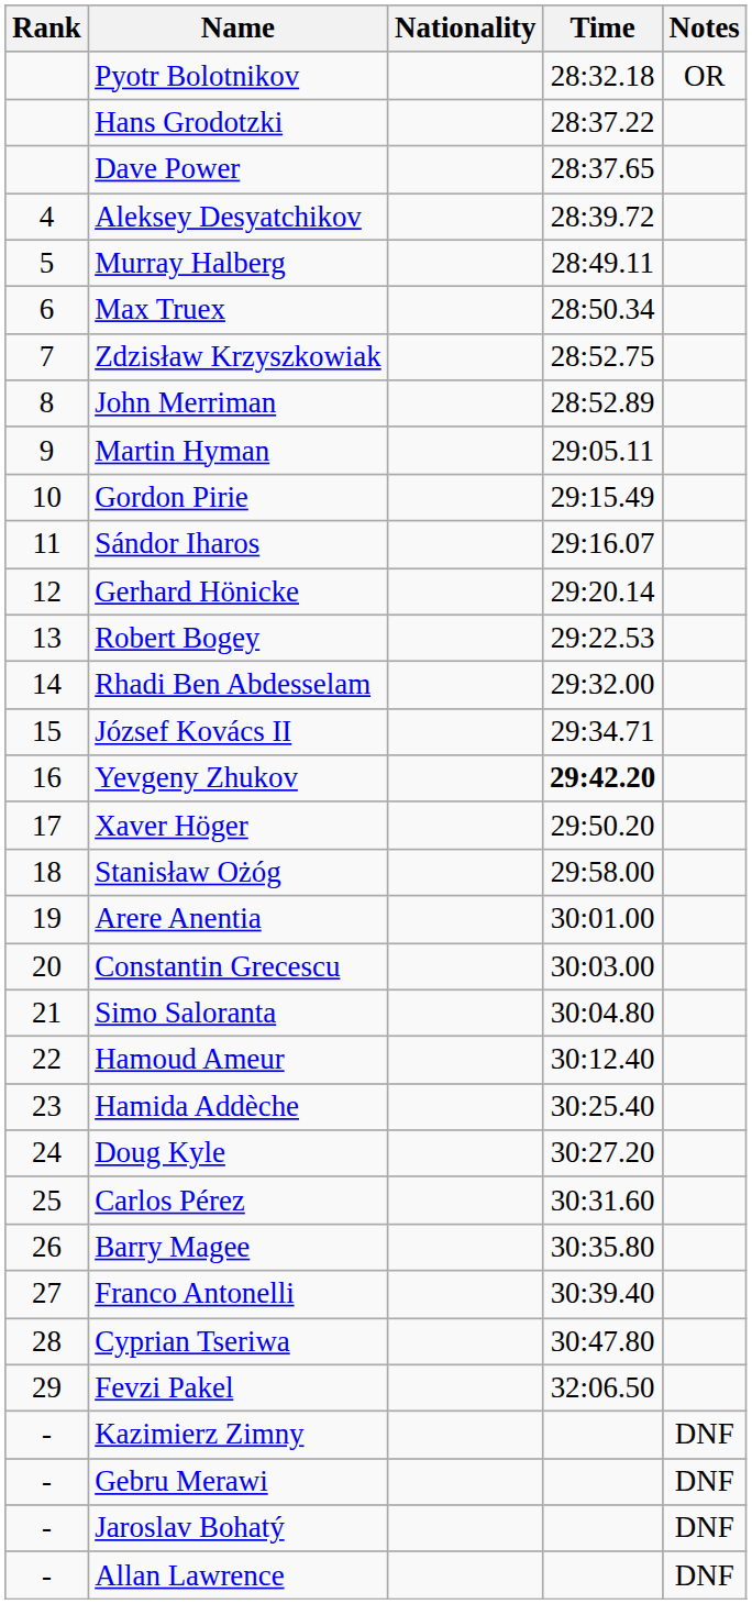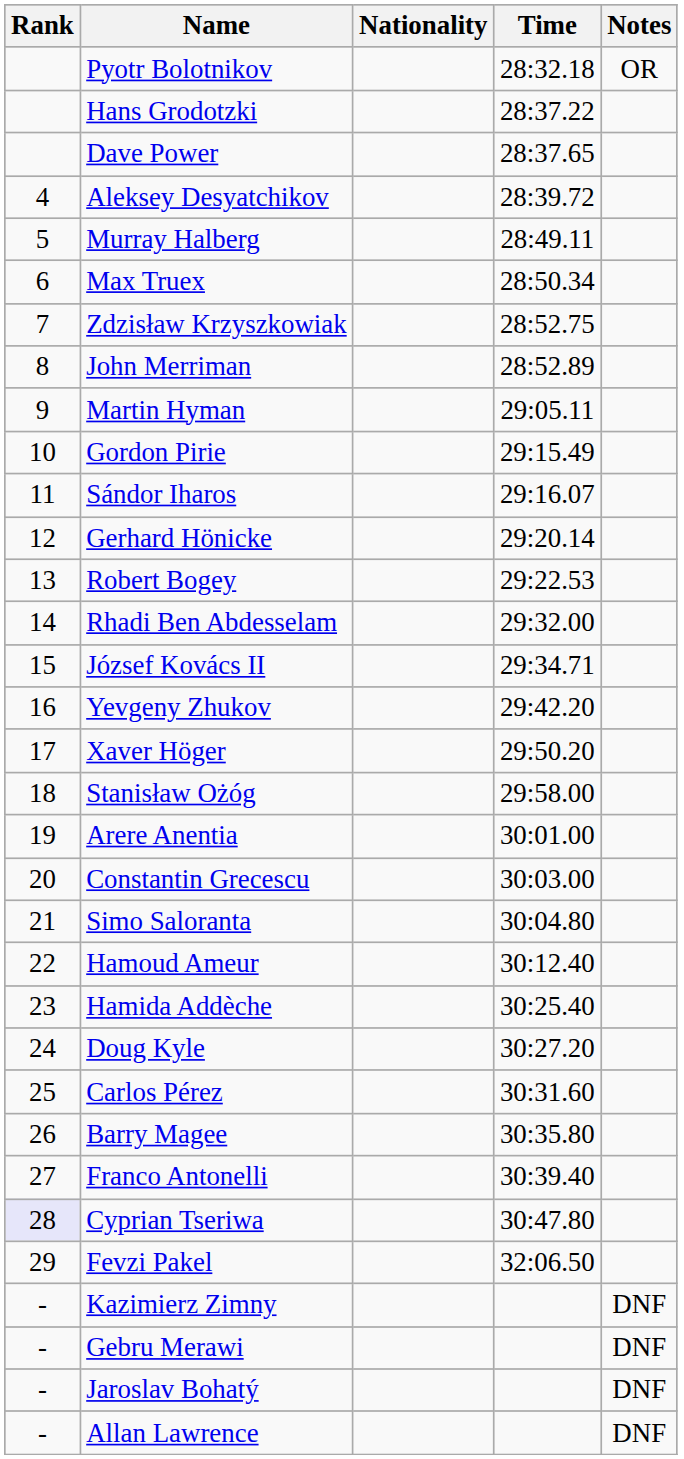 <table class="wikitable sortable" style="text-align:center">
 <tr>
 <th>Rank</th>
 <th>Name</th>
 <th>Nationality</th>
 <th>Time</th>
 <th>Notes</th>
 </tr>
 <tr>
 <td></td>
 <td align=left><a href='#'>Pyotr Bolotnikov</a></td>
 <td align=left></td>
 <td>28:32.18</td>
 <td>OR</td>
 </tr>
 <tr>
 <td></td>
 <td align=left><a href='#'>Hans Grodotzki</a></td>
 <td align=left></td>
 <td>28:37.22</td>
 <td></td>
 </tr>
 <tr>
 <td></td>
 <td align=left><a href='#'>Dave Power</a></td>
 <td align=left></td>
 <td>28:37.65</td>
 <td></td>
 </tr>
 <tr>
 <td>4</td>
 <td align=left><a href='#'>Aleksey Desyatchikov</a></td>
 <td align=left></td>
 <td>28:39.72</td>
 <td></td>
 </tr>
 <tr>
 <td>5</td>
 <td align=left><a href='#'>Murray Halberg</a></td>
 <td align=left></td>
 <td>28:49.11</td>
 <td></td>
 </tr>
 <tr>
 <td>6</td>
 <td align=left><a href='#'>Max Truex</a></td>
 <td align=left></td>
 <td>28:50.34</td>
 <td></td>
 </tr>
 <tr>
 <td>7</td>
 <td align=left><a href='#'>Zdzisław Krzyszkowiak</a></td>
 <td align=left></td>
 <td>28:52.75</td>
 <td></td>
 </tr>
 <tr>
 <td>8</td>
 <td align=left><a href='#'>John Merriman</a></td>
 <td align=left></td>
 <td>28:52.89</td>
 <td></td>
 </tr>
 <tr>
 <td>9</td>
 <td align=left><a href='#'>Martin Hyman</a></td>
 <td align=left></td>
 <td>29:05.11</td>
 <td></td>
 </tr>
 <tr>
 <td>10</td>
 <td align=left><a href='#'>Gordon Pirie</a></td>
 <td align=left></td>
 <td>29:15.49</td>
 <td></td>
 </tr>
 <tr>
 <td>11</td>
 <td align=left><a href='#'>Sándor Iharos</a></td>
 <td align=left></td>
 <td>29:16.07</td>
 <td></td>
 </tr>
 <tr>
 <td>12</td>
 <td align=left><a href='#'>Gerhard Hönicke</a></td>
 <td align=left></td>
 <td>29:20.14</td>
 <td></td>
 </tr>
 <tr>
 <td>13</td>
 <td align=left><a href='#'>Robert Bogey</a></td>
 <td align=left></td>
 <td>29:22.53</td>
 <td></td>
 </tr>
 <tr>
 <td>14</td>
 <td align=left><a href='#'>Rhadi Ben Abdesselam</a></td>
 <td align=left></td>
 <td>29:32.00</td>
 <td></td>
 </tr>
 <tr>
 <td>15</td>
 <td align=left><a href='#'>József Kovács II</a></td>
 <td align=left></td>
 <td>29:34.71</td>
 <td></td>
 </tr>
 <tr>
 <td>16</td>
 <td align=left><a href='#'>Yevgeny Zhukov</a></td>
 <td align=left></td>
-<td><strong>29:42.20</strong></td>
+<td>29:42.20</td>
 <td></td>
 </tr>
 <tr>
 <td>17</td>
 <td align=left><a href='#'>Xaver Höger</a></td>
 <td align=left></td>
 <td>29:50.20</td>
 <td></td>
 </tr>
 <tr>
 <td>18</td>
 <td align=left><a href='#'>Stanisław Ożóg</a></td>
 <td align=left></td>
 <td>29:58.00</td>
 <td></td>
 </tr>
 <tr>
 <td>19</td>
 <td align=left><a href='#'>Arere Anentia</a></td>
 <td align=left></td>
 <td>30:01.00</td>
 <td></td>
 </tr>
 <tr>
 <td>20</td>
 <td align=left><a href='#'>Constantin Grecescu</a></td>
 <td align=left></td>
 <td>30:03.00</td>
 <td></td>
 </tr>
 <tr>
 <td>21</td>
 <td align=left><a href='#'>Simo Saloranta</a></td>
 <td align=left></td>
 <td>30:04.80</td>
 <td></td>
 </tr>
 <tr>
 <td>22</td>
 <td align=left><a href='#'>Hamoud Ameur</a></td>
 <td align=left></td>
 <td>30:12.40</td>
 <td></td>
 </tr>
 <tr>
 <td>23</td>
 <td align=left><a href='#'>Hamida Addèche</a></td>
 <td align=left></td>
 <td>30:25.40</td>
 <td></td>
 </tr>
 <tr>
 <td>24</td>
 <td align=left><a href='#'>Doug Kyle</a></td>
 <td align=left></td>
 <td>30:27.20</td>
 <td></td>
 </tr>
 <tr>
 <td>25</td>
 <td align=left><a href='#'>Carlos Pérez</a></td>
 <td align=left></td>
 <td>30:31.60</td>
 <td></td>
 </tr>
 <tr>
 <td>26</td>
 <td align=left><a href='#'>Barry Magee</a></td>
 <td align=left></td>
 <td>30:35.80</td>
 <td></td>
 </tr>
 <tr>
 <td>27</td>
 <td align=left><a href='#'>Franco Antonelli</a></td>
 <td align=left></td>
 <td>30:39.40</td>
 <td></td>
 </tr>
 <tr>
-<td>28</td>
+<td style="background: lavender;">28</td>
 <td align=left><a href='#'>Cyprian Tseriwa</a></td>
 <td align=left></td>
 <td>30:47.80</td>
 <td></td>
 </tr>
 <tr>
 <td>29</td>
 <td align=left><a href='#'>Fevzi Pakel</a></td>
 <td align=left></td>
 <td>32:06.50</td>
 <td></td>
 </tr>
 <tr>
 <td>-</td>
 <td align=left><a href='#'>Kazimierz Zimny</a></td>
 <td align=left></td>
 <td></td>
 <td>DNF</td>
 </tr>
 <tr>
 <td>-</td>
 <td align=left><a href='#'>Gebru Merawi</a></td>
 <td align="left"></td>
 <td></td>
 <td>DNF</td>
 </tr>
 <tr>
 <td>-</td>
 <td align=left><a href='#'>Jaroslav Bohatý</a></td>
 <td align=left></td>
 <td></td>
 <td>DNF</td>
 </tr>
 <tr>
 <td>-</td>
 <td align=left><a href='#'>Allan Lawrence</a></td>
 <td align=left></td>
 <td></td>
 <td>DNF</td>
 </tr>
 <tr>
 </tr>
 </table>
